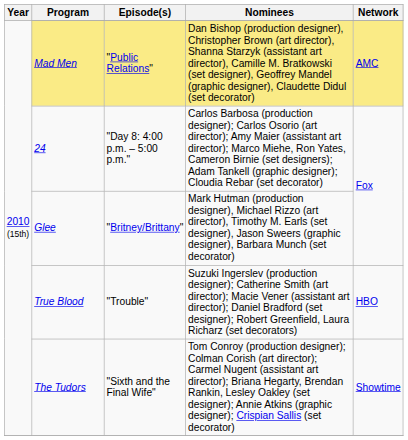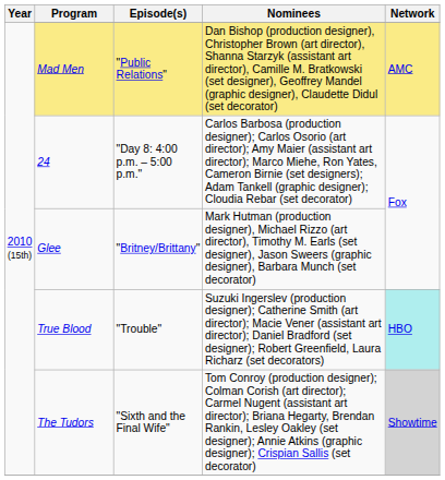 <table class="wikitable" style="width:100%">
 <tr bgcolor="#bebebe">
 <th width="5%">Year</th>
 <th width="20%">Program</th>
 <th width="20%">Episode(s)</th>
 <th width="50%">Nominees</th>
 <th width="5%">Network</th>
 </tr>
 <tr>
 <td rowspan=6 style="text-align:center"><a href='#'>2010</a><br><small>(15th)</small><br></td>
 </tr>
 <tr style="background:#FAEB86">
 <td><em><a href='#'>Mad Men</a></em></td>
 <td>"<a href='#'>Public Relations</a>"</td>
 <td>Dan Bishop (production designer), Christopher Brown (art director), Shanna Starzyk (assistant art director), Camille M. Bratkowski (set designer), Geoffrey Mandel (graphic designer), Claudette Didul (set decorator)</td>
 <td><a href='#'>AMC</a></td>
 </tr>
 <tr>
 <td><em><a href='#'>24</a></em></td>
 <td>"Day 8: 4:00 p.m. – 5:00 p.m."</td>
 <td>Carlos Barbosa (production designer); Carlos Osorio (art director); Amy Maier (assistant art director); Marco Miehe, Ron Yates, Cameron Birnie (set designers); Adam Tankell (graphic designer); Cloudia Rebar (set decorator)</td>
 <td rowspan="2"><a href='#'>Fox</a></td>
 </tr>
 <tr>
 <td><em><a href='#'>Glee</a></em></td>
 <td>"<a href='#'>Britney/Brittany</a>"</td>
 <td>Mark Hutman (production designer), Michael Rizzo (art director), Timothy M. Earls (set designer), Jason Sweers (graphic designer), Barbara Munch (set decorator)</td>
 </tr>
 <tr>
 <td><em><a href='#'>True Blood</a></em></td>
 <td>"Trouble"</td>
 <td>Suzuki Ingerslev (production designer); Catherine Smith (art director); Macie Vener (assistant art director); Daniel Bradford (set designer); Robert Greenfield, Laura Richarz (set decorators)</td>
-<td><a href='#'>HBO</a></td>
+<td style="background: paleturquoise;"><a href='#'>HBO</a></td>
 </tr>
 <tr>
 <td><em><a href='#'>The Tudors</a></em></td>
 <td>"Sixth and the Final Wife"</td>
 <td>Tom Conroy (production designer); Colman Corish (art director); Carmel Nugent (assistant art director); Briana Hegarty, Brendan Rankin, Lesley Oakley (set designer); Annie Atkins (graphic designer); <a href='#'>Crispian Sallis</a> (set decorator)</td>
-<td><a href='#'>Showtime</a></td>
+<td style="background: lightgrey;"><a href='#'>Showtime</a></td>
 </tr>
 <tr>
 </tr>
 </table>
